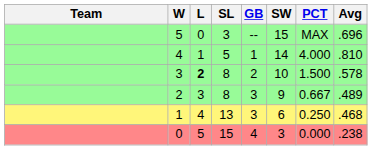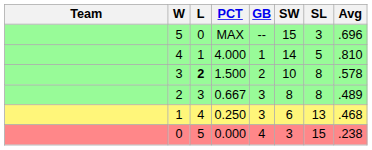 <table class=wikitable style="text-align:center;">
 <tr>
 <th style="width:200px;">Team</th>
 <th width=20px>W</th>
 <th width=20px>L</th>
-<th width=30px>SL</th>
+<th width=35px><a href='#'>PCT</a></th>
 <th width=25px><a href='#'>GB</a></th>
 <th width=30px>SW</th>
-<th width=35px><a href='#'>PCT</a></th>
+<th width=30px>SL</th>
 <th width=35px>Avg</th>
 </tr>
 <tr style="background:#98fb98;">
 <td align=left></td>
 <td>5</td>
 <td>0</td>
-<td>3</td>
+<td>MAX</td>
 <td>--</td>
 <td>15</td>
-<td>MAX</td>
+<td>3</td>
 <td>.696</td>
 </tr>
 <tr style="background:#98fb98;">
 <td align=left></td>
 <td>4</td>
 <td>1</td>
-<td>5</td>
+<td>4.000</td>
 <td>1</td>
 <td>14</td>
-<td>4.000</td>
+<td>5</td>
 <td>.810</td>
 </tr>
 <tr style="background:#98fb98;">
 <td align=left></td>
 <td>3</td>
 <td><strong>2</strong></td>
-<td>8</td>
+<td>1.500</td>
 <td>2</td>
 <td>10</td>
-<td>1.500</td>
+<td>8</td>
 <td>.578</td>
 </tr>
 <tr style="background:#98fb98;">
 <td align=left></td>
 <td>2</td>
 <td>3</td>
+<td>0.667</td>
+<td>3</td>
 <td>8</td>
-<td>3</td>
-<td>9</td>
-<td>0.667</td>
+<td>8</td>
 <td>.489</td>
 </tr>
 <tr style="background:#fff67a;">
 <td align=left></td>
 <td>1</td>
 <td>4</td>
-<td>13</td>
+<td>0.250</td>
 <td>3</td>
 <td>6</td>
-<td>0.250</td>
+<td>13</td>
 <td>.468</td>
 </tr>
 <tr style="background:#ff8789;">
 <td align=left></td>
 <td>0</td>
 <td>5</td>
-<td>15</td>
+<td>0.000</td>
 <td>4</td>
 <td>3</td>
-<td>0.000</td>
+<td>15</td>
 <td>.238</td>
 </tr>
 </table>
